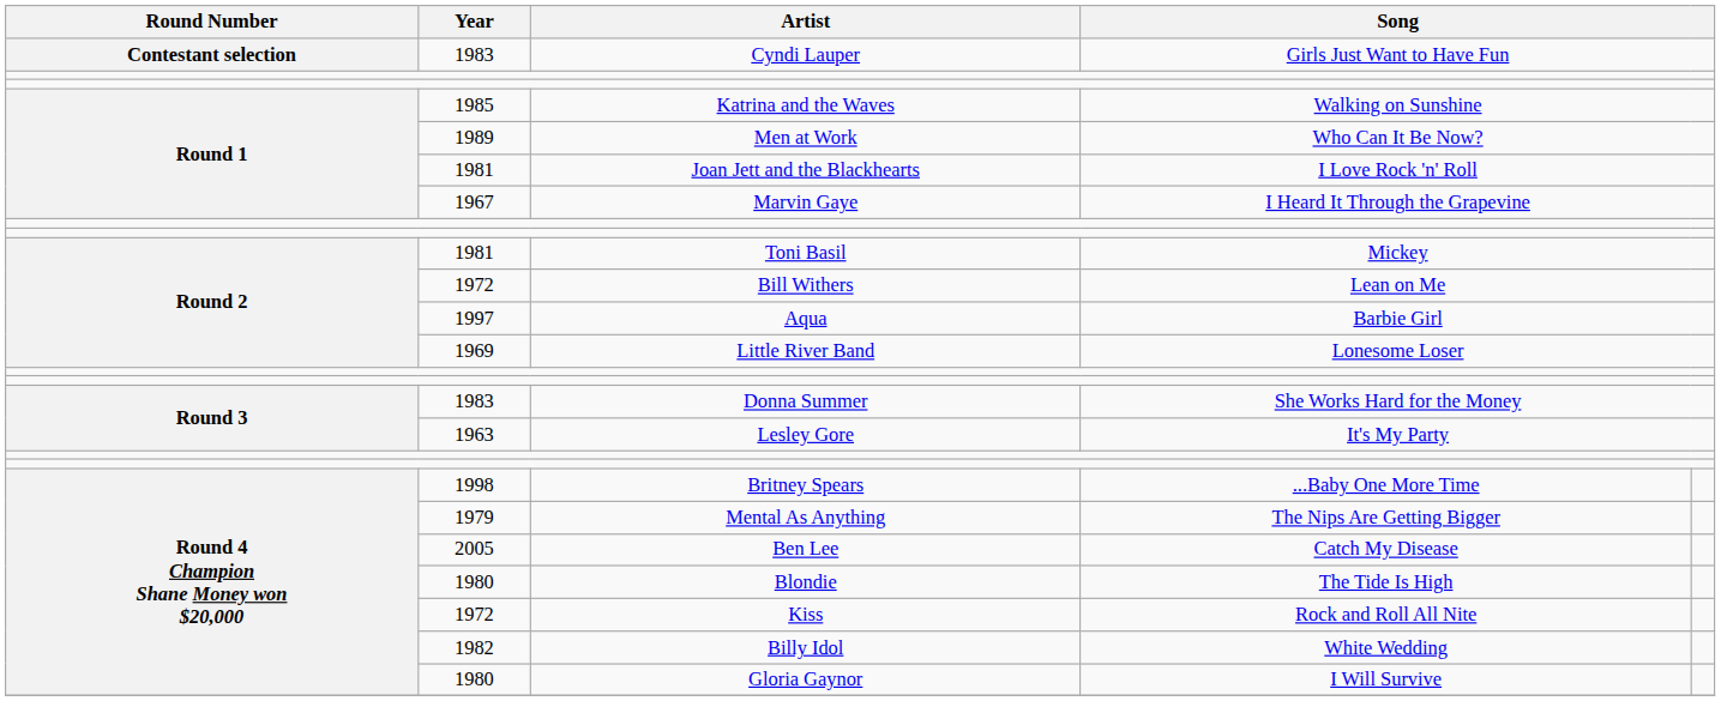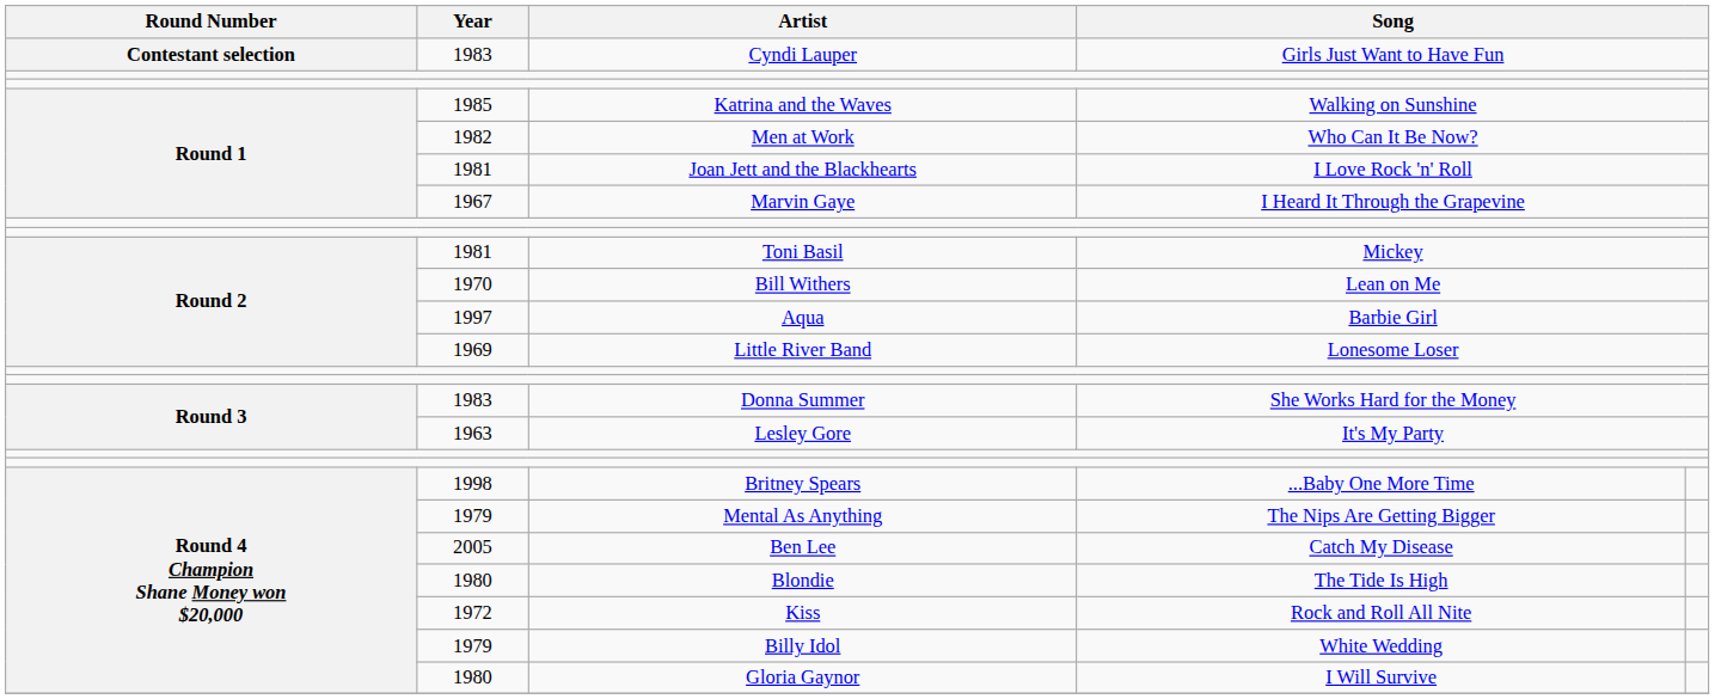 <table class="wikitable" style="text-align: center; font-size:90%" width="99%">
 <tr>
 <th>Round Number</th>
 <th>Year</th>
 <th>Artist</th>
 <th colspan="2">Song</th>
 </tr>
 <tr>
 <th rowspan="1">Contestant selection</th>
 <td>1983</td>
 <td><a href='#'>Cyndi Lauper</a></td>
 <td colspan="2"><a href='#'>Girls Just Want to Have Fun</a></td>
 </tr>
 <tr>
 <td colspan=11></td>
 </tr>
 <tr>
 <td colspan=11></td>
 </tr>
 <tr>
 <th rowspan="4">Round 1</th>
 <td>1985</td>
 <td><a href='#'>Katrina and the Waves</a></td>
 <td colspan="2"><a href='#'>Walking on Sunshine</a></td>
 </tr>
 <tr>
-<td>1989</td>
+<td>1982</td>
 <td><a href='#'>Men at Work</a></td>
 <td colspan="2"><a href='#'>Who Can It Be Now?</a></td>
 </tr>
 <tr>
 <td>1981</td>
 <td><a href='#'>Joan Jett and the Blackhearts</a></td>
 <td colspan="2"><a href='#'>I Love Rock 'n' Roll</a></td>
 </tr>
 <tr>
 <td>1967</td>
 <td><a href='#'>Marvin Gaye</a></td>
 <td colspan="2"><a href='#'>I Heard It Through the Grapevine</a></td>
 </tr>
 <tr>
 <td colspan=11></td>
 </tr>
 <tr>
 <td colspan=11></td>
 </tr>
 <tr>
 <th rowspan="4">Round 2</th>
 <td>1981</td>
 <td><a href='#'>Toni Basil</a></td>
 <td colspan="2"><a href='#'>Mickey</a></td>
 </tr>
 <tr>
-<td>1972</td>
+<td>1970</td>
 <td><a href='#'>Bill Withers</a></td>
 <td colspan="2"><a href='#'>Lean on Me</a></td>
 </tr>
 <tr>
 <td>1997</td>
 <td><a href='#'>Aqua</a></td>
 <td colspan="2"><a href='#'>Barbie Girl</a></td>
 </tr>
 <tr>
 <td>1969</td>
 <td><a href='#'>Little River Band</a></td>
 <td colspan="2"><a href='#'>Lonesome Loser</a></td>
 </tr>
 <tr>
 <td colspan=11></td>
 </tr>
 <tr>
 <td colspan=11></td>
 </tr>
 <tr>
 <th rowspan="2">Round 3</th>
 <td>1983</td>
 <td><a href='#'>Donna Summer</a></td>
 <td colspan="2"><a href='#'>She Works Hard for the Money</a></td>
 </tr>
 <tr>
 <td>1963</td>
 <td><a href='#'>Lesley Gore</a></td>
 <td colspan="2"><a href='#'>It's My Party</a></td>
 </tr>
 <tr>
 <td colspan=11></td>
 </tr>
 <tr>
 <td colspan=11></td>
 </tr>
 <tr>
 <th rowspan="7">Round 4<br><em><u>Champion</u><br>Shane</em> <em><u>Money won</u><br>$20,000</em></th>
 <td>1998</td>
 <td><a href='#'>Britney Spears</a></td>
 <td><a href='#'>...Baby One More Time</a></td>
 <td></td>
 </tr>
 <tr>
 <td>1979</td>
 <td><a href='#'>Mental As Anything</a></td>
 <td><a href='#'>The Nips Are Getting Bigger</a></td>
 <td></td>
 </tr>
 <tr>
 <td>2005</td>
 <td><a href='#'>Ben Lee</a></td>
 <td><a href='#'>Catch My Disease</a></td>
 <td></td>
 </tr>
 <tr>
 <td>1980</td>
 <td><a href='#'>Blondie</a></td>
 <td><a href='#'>The Tide Is High</a></td>
 <td></td>
 </tr>
 <tr>
 <td>1972</td>
 <td><a href='#'>Kiss</a></td>
 <td><a href='#'>Rock and Roll All Nite</a></td>
 <td></td>
 </tr>
 <tr>
-<td>1982</td>
+<td>1979</td>
 <td><a href='#'>Billy Idol</a></td>
 <td><a href='#'>White Wedding</a></td>
 <td></td>
 </tr>
 <tr>
 <td>1980</td>
 <td><a href='#'>Gloria Gaynor</a></td>
 <td><a href='#'>I Will Survive</a></td>
 <td></td>
 </tr>
 <tr>
 </tr>
 </table>
